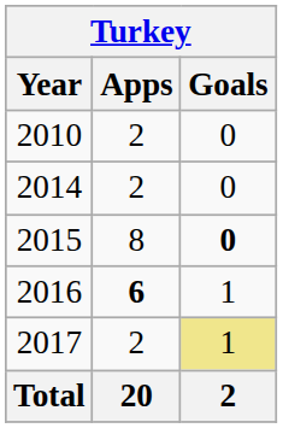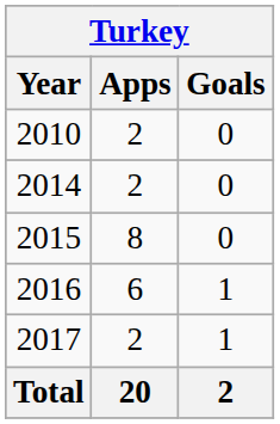 <table class="wikitable", style="text-align:center">
 <tr>
 <th colspan="3"><a href='#'>Turkey</a></th>
 </tr>
 <tr>
 <th>Year</th>
 <th>Apps</th>
 <th>Goals</th>
 </tr>
 <tr>
 <td>2010</td>
 <td>2</td>
 <td>0</td>
 </tr>
 <tr>
 <td>2014</td>
 <td>2</td>
 <td>0</td>
 </tr>
 <tr>
 <td>2015</td>
 <td>8</td>
-<td><strong>0</strong></td>
+<td>0</td>
 </tr>
 <tr>
 <td>2016</td>
-<td><strong>6</strong></td>
+<td>6</td>
 <td>1</td>
 </tr>
 <tr>
 <td>2017</td>
 <td>2</td>
-<td style="background: khaki;">1</td>
+<td>1</td>
 </tr>
 <tr>
 <th>Total</th>
 <th>20</th>
 <th>2</th>
 </tr>
 </table>
